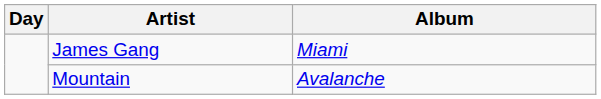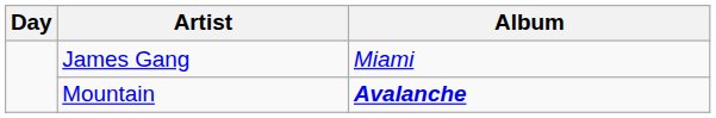 <table class="wikitable" border="1">
 <tr>
 <th>Day</th>
 <th width="200">Artist</th>
 <th width="250">Album</th>
 </tr>
 <tr>
 <td rowspan="2" style="text-align:center;"></td>
 <td><a href='#'>James Gang</a></td>
 <td><em><a href='#'>Miami</a></em></td>
 </tr>
 <tr>
 <td><a href='#'>Mountain</a></td>
-<td><em><a href='#'>Avalanche</a></em></td>
+<td><strong><em><a href='#'>Avalanche</a></em></strong></td>
 </tr>
 </table>
